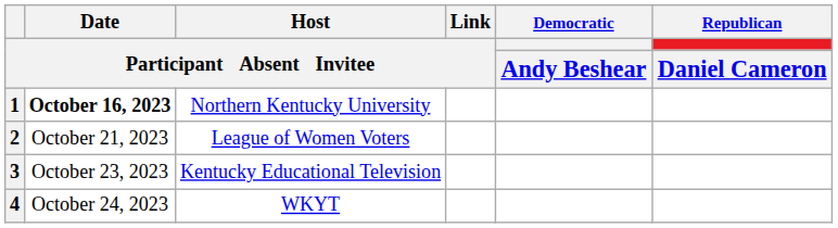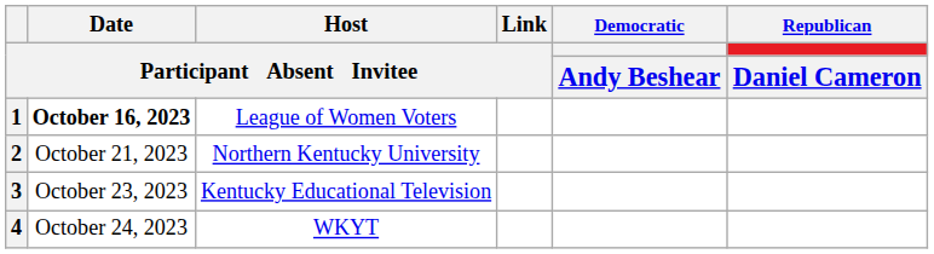 <table class="wikitable mw-collapsible" style="text-align:center;">
 <tr style="font-size:small;">
 <th scope="col"></th>
 <th scope="col">Date</th>
 <th scope="col">Host</th>
 <th scope="col">Link</th>
 <th scope="col"><small><a href='#'>Democratic</a></small></th>
 <th scope="col"><small><a href='#'>Republican</a></small></th>
 </tr>
 <tr>
 <th colspan="4" rowspan="2"> <small>Participant  </small> <small>Absent  </small>  <small>Invitee</small></th>
 <th scope="col" style="background:"></th>
 <th scope="col" style="background:#E81B23;"></th>
 </tr>
 <tr>
 <th scope="col"><a href='#'>Andy Beshear</a></th>
 <th scope="col"><a href='#'>Daniel Cameron</a></th>
 </tr>
 <tr style="background:#FFFFFF;font-size:small;">
 <th scope="row">1</th>
 <td style="white-space:nowrap;"><strong>October 16, 2023</strong></td>
-<td style="white-space:nowrap;"><a href='#'>Northern Kentucky University</a></td>
+<td style="white-space:nowrap;"><a href='#'>League of Women Voters</a></td>
 <td style="white-space:nowrap;"></td>
 <td></td>
 <td></td>
 </tr>
 <tr style="background:#FFFFFF;font-size:small;">
 <th scope="row">2</th>
 <td style="white-space:nowrap;">October 21, 2023</td>
-<td style="white-space:nowrap;"><a href='#'>League of Women Voters</a></td>
+<td style="white-space:nowrap;"><a href='#'>Northern Kentucky University</a></td>
 <td style="white-space:nowrap;"></td>
 <td></td>
 <td></td>
 </tr>
 <tr style="background:#FFFFFF;font-size:small;">
 <th scope="row">3</th>
 <td style="white-space:nowrap;">October 23, 2023</td>
 <td style="white-space:nowrap;"><a href='#'>Kentucky Educational Television</a></td>
 <td style="white-space:nowrap;"></td>
 <td></td>
 <td></td>
 </tr>
 <tr style="background:#FFFFFF;font-size:small;">
 <th scope="row">4</th>
 <td style="white-space:nowrap;">October 24, 2023</td>
 <td style="white-space:nowrap;"><a href='#'>WKYT</a></td>
 <td style="white-space:nowrap;"></td>
 <td></td>
 <td></td>
 </tr>
 </table>
